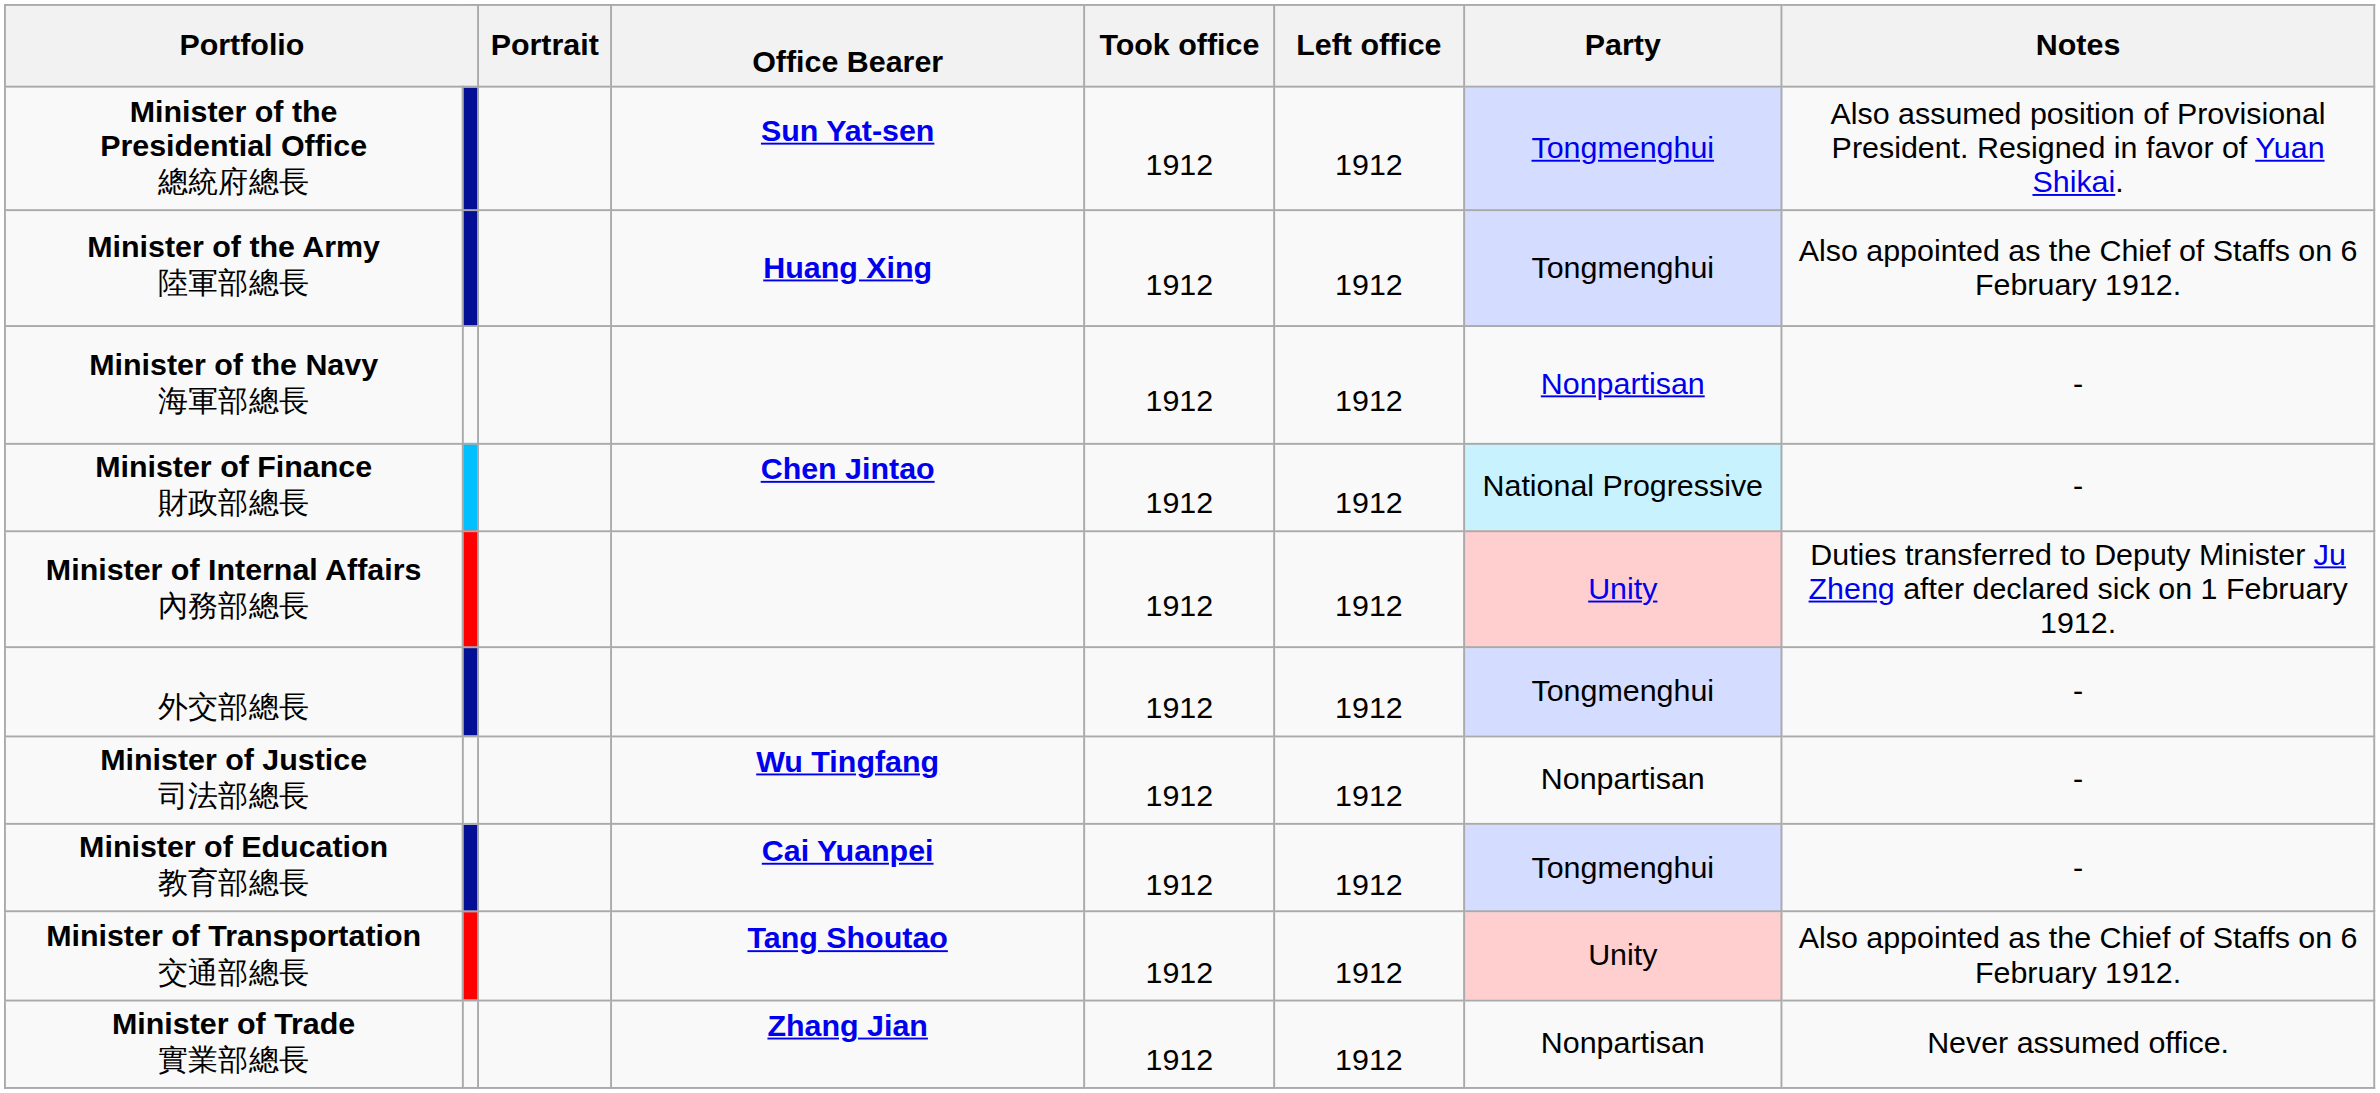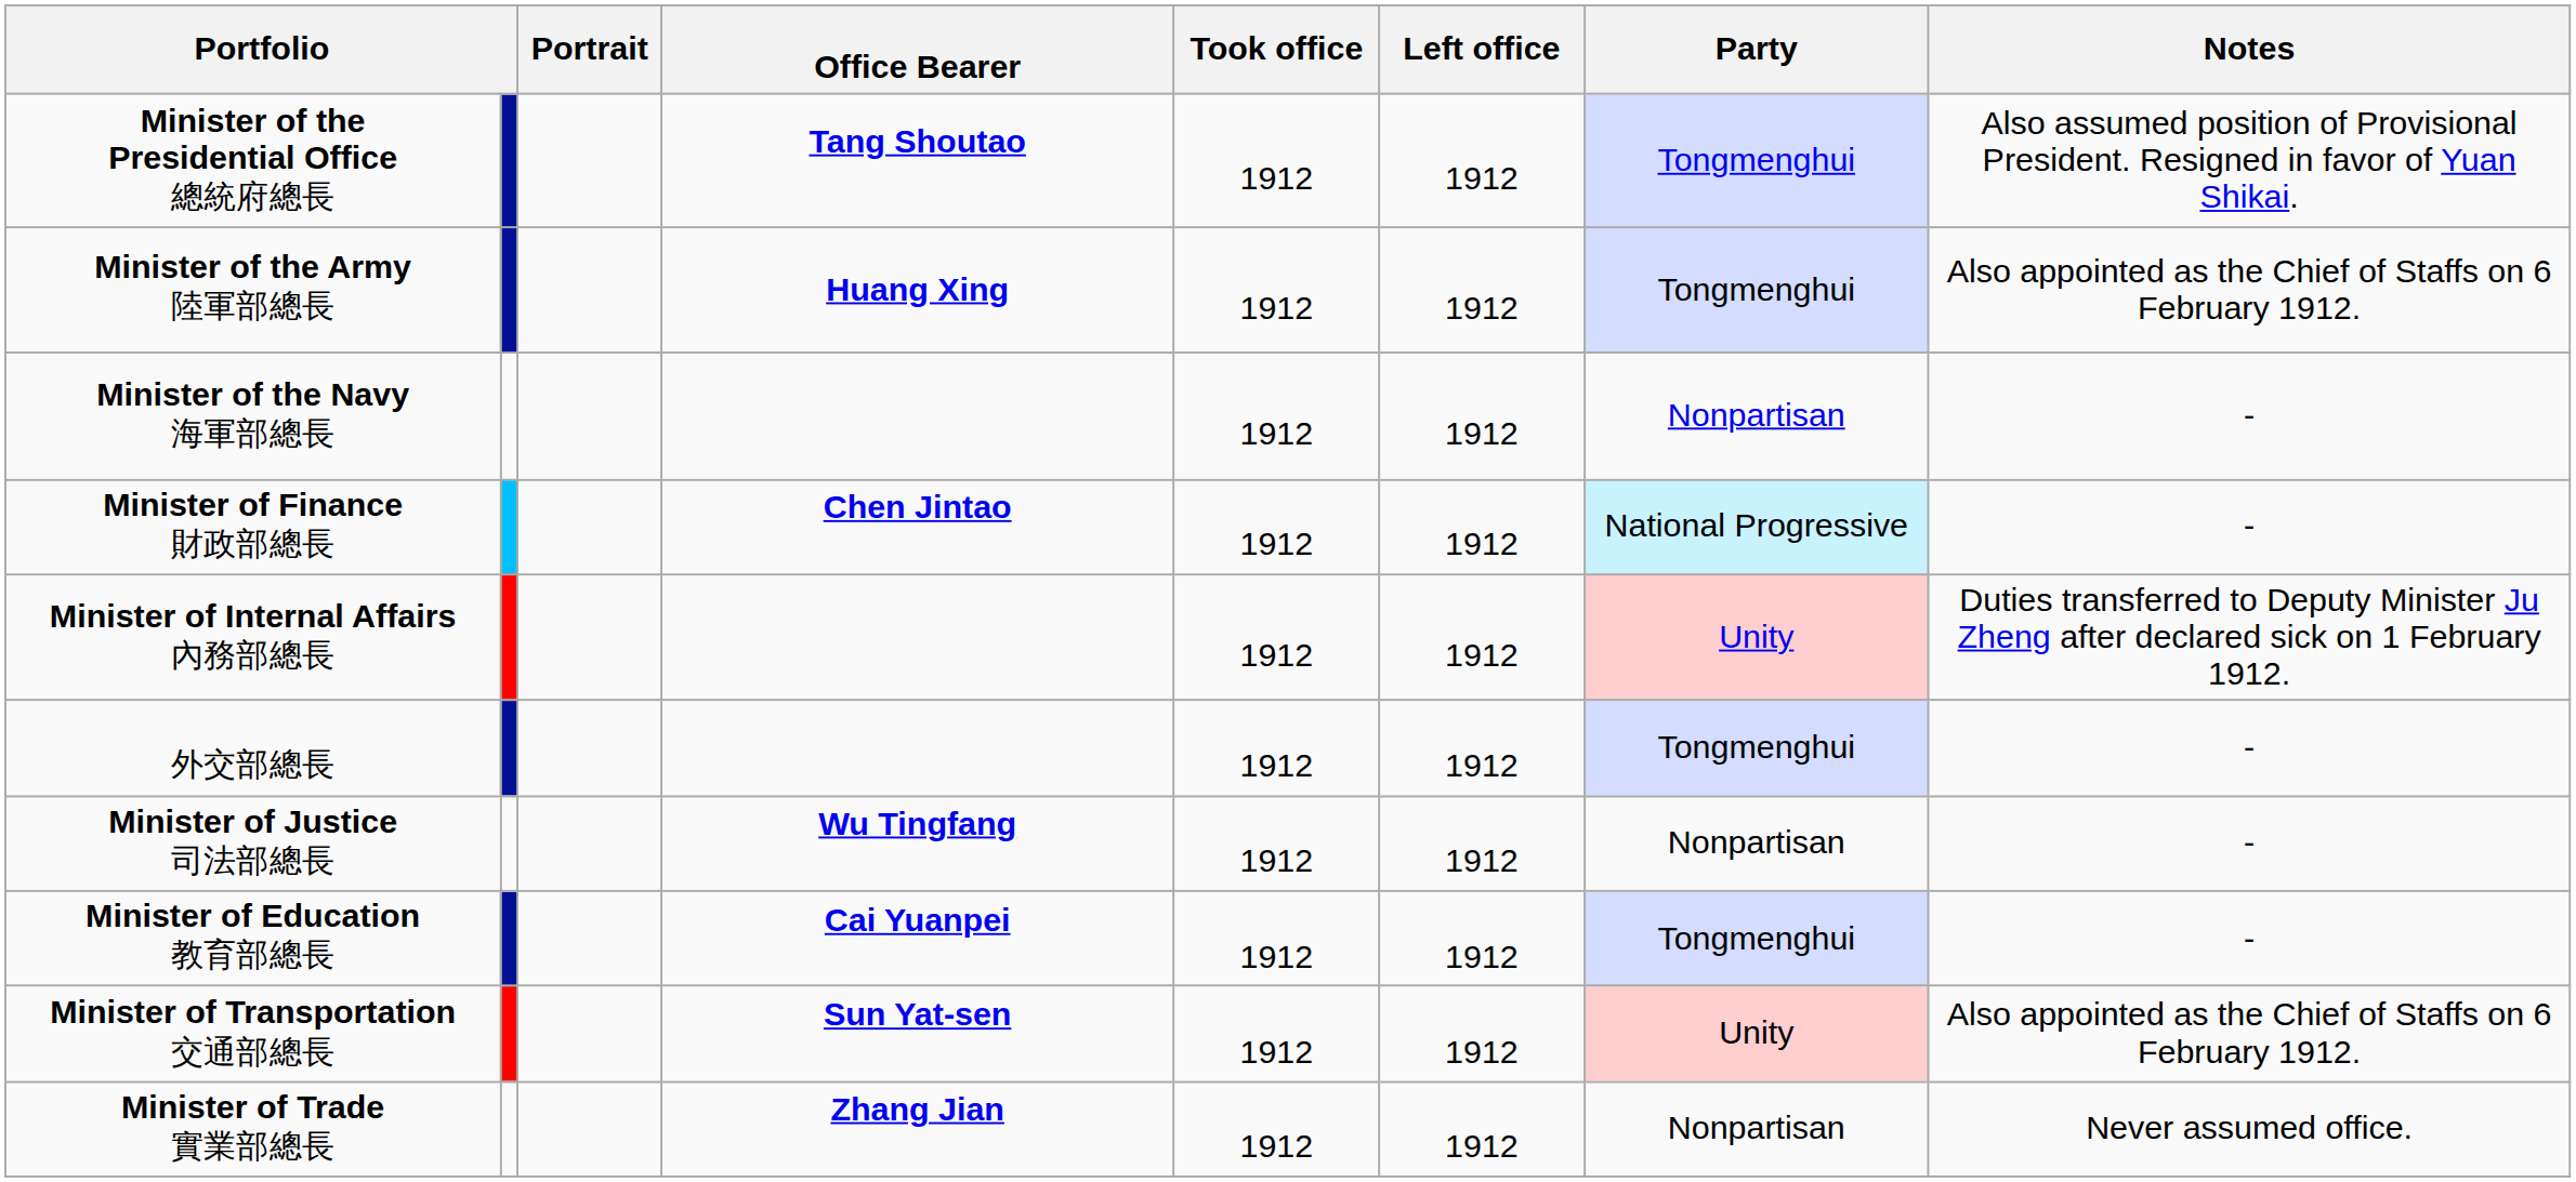 <table class="wikitable" style="text-align:center;">
 <tr>
 <th colspan="2" style="white-space:nowrap" width="20%">Portfolio</th>
 <th>Portrait</th>
 <th width="20%"><br>Office Bearer<br></th>
 <th width="8%">Took office</th>
 <th width="8%">Left office</th>
 <th>Party</th>
 <th width="25%">Notes</th>
 </tr>
 <tr>
 <td><strong>Minister of the<br>Presidential Office</strong><br>總統府總長</td>
 <td bgcolor="#031096"></td>
 <td></td>
-<td><strong><a href='#'>Sun Yat-sen</a></strong><br><br></td>
+<td><strong><a href='#'>Tang Shoutao</a></strong><br><br></td>
 <td><br>1912</td>
 <td><br>1912</td>
 <td bgcolor="#d4dcff"><a href='#'>Tongmenghui</a></td>
 <td>Also assumed position of Provisional President. Resigned in favor of <a href='#'>Yuan Shikai</a>.</td>
 </tr>
 <tr>
 <td><strong>Minister of the Army</strong><br>陸軍部總長</td>
 <td bgcolor="#031096"></td>
 <td></td>
 <td><br><strong><a href='#'>Huang Xing</a></strong><br><br></td>
 <td><br>1912</td>
 <td><br>1912</td>
 <td bgcolor="#d4dcff">Tongmenghui</td>
 <td>Also appointed as the Chief of Staffs on 6 February 1912.</td>
 </tr>
 <tr>
 <td><strong>Minister of the Navy</strong><br>海軍部總長</td>
 <td></td>
 <td></td>
 <td><br><strong></strong><br><br></td>
 <td><br>1912</td>
 <td><br>1912</td>
 <td><a href='#'>Nonpartisan</a></td>
 <td>-</td>
 </tr>
 <tr>
 <td><strong>Minister of Finance</strong><br>財政部總長</td>
 <td bgcolor="#00c0ff"></td>
 <td></td>
 <td><strong><a href='#'>Chen Jintao</a></strong><br><br></td>
 <td><br>1912</td>
 <td><br>1912</td>
 <td bgcolor="#c9f2ff">National Progressive</td>
 <td>-</td>
 </tr>
 <tr>
 <td><strong>Minister of Internal Affairs</strong><br>內務部總長</td>
 <td bgcolor=" #FF0000"></td>
 <td></td>
 <td><br><strong></strong><br><br></td>
 <td><br>1912</td>
 <td><br>1912</td>
 <td bgcolor="#ffcfcf"><a href='#'>Unity</a></td>
 <td>Duties transferred to Deputy Minister <a href='#'>Ju Zheng</a> after declared sick on 1 February 1912.</td>
 </tr>
 <tr>
 <td><br>外交部總長</td>
 <td bgcolor="#031096"></td>
 <td></td>
 <td><strong></strong><br><br></td>
 <td><br>1912</td>
 <td><br>1912</td>
 <td bgcolor="#d4dcff">Tongmenghui</td>
 <td>-</td>
 </tr>
 <tr>
 <td><strong>Minister of Justice</strong><br>司法部總長</td>
 <td></td>
 <td></td>
 <td><strong><a href='#'>Wu Tingfang</a></strong><br><br></td>
 <td><br>1912</td>
 <td><br>1912</td>
 <td>Nonpartisan</td>
 <td>-</td>
 </tr>
 <tr>
 <td><strong>Minister of Education</strong><br>教育部總長</td>
 <td bgcolor="#031096"></td>
 <td></td>
 <td><strong><a href='#'>Cai Yuanpei</a></strong><br><br></td>
 <td><br>1912</td>
 <td><br>1912</td>
 <td bgcolor="#d4dcff">Tongmenghui</td>
 <td>-</td>
 </tr>
 <tr>
 <td><strong>Minister of Transportation</strong><br>交通部總長</td>
 <td bgcolor=" #FF0000"></td>
 <td></td>
-<td><strong><a href='#'>Tang Shoutao</a></strong><br><br></td>
+<td><strong><a href='#'>Sun Yat-sen</a></strong><br><br></td>
 <td><br>1912</td>
 <td><br>1912</td>
 <td bgcolor="#ffcfcf">Unity</td>
 <td>Also appointed as the Chief of Staffs on 6 February 1912.</td>
 </tr>
 <tr>
 <td><strong>Minister of Trade</strong><br>實業部總長</td>
 <td rowspan="2"></td>
 <td></td>
 <td><strong><a href='#'>Zhang Jian</a></strong><br><br></td>
 <td><br>1912</td>
 <td><br>1912</td>
 <td rowspan="2">Nonpartisan</td>
 <td>Never assumed office.</td>
 </tr>
 </table>
